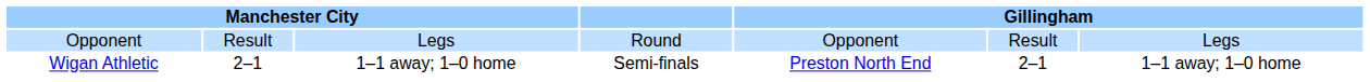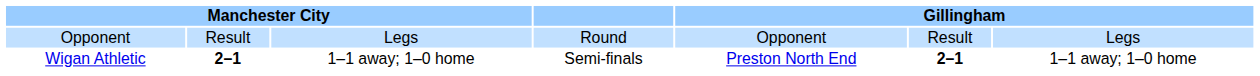 <table width="100%" bgcolor=white>
 <tr valign=top bgcolor=#99ccff>
 <th colspan=3 style="width:1*">Manchester City</th>
 <th></th>
 <th colspan=3 style="width:1*">Gillingham</th>
 </tr>
 <tr valign=top align="center" bgcolor=#c1e0ff>
 <td>Opponent</td>
 <td>Result</td>
 <td>Legs</td>
 <td>Round</td>
 <td>Opponent</td>
 <td>Result</td>
 <td>Legs</td>
 </tr>
 <tr align="center">
 <td><a href='#'>Wigan Athletic</a></td>
-<td>2–1</td>
+<td><strong>2–1</strong></td>
 <td>1–1 away; 1–0 home</td>
 <td>Semi-finals</td>
 <td><a href='#'>Preston North End</a></td>
-<td>2–1</td>
+<td><strong>2–1</strong></td>
 <td>1–1 away; 1–0 home</td>
 </tr>
 </table>
